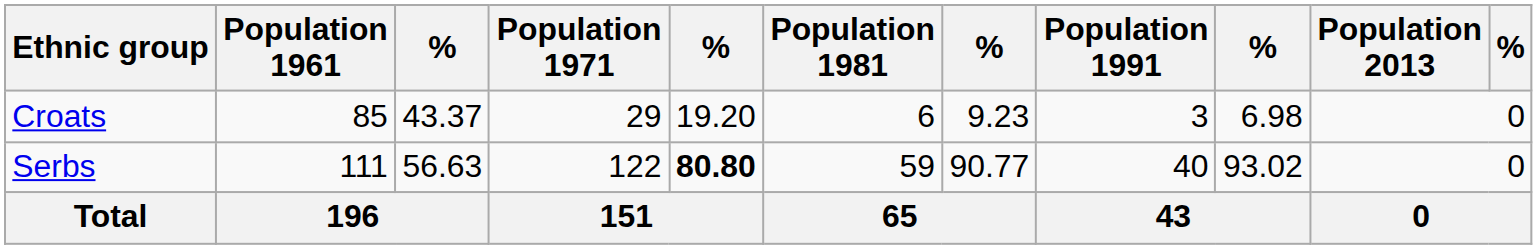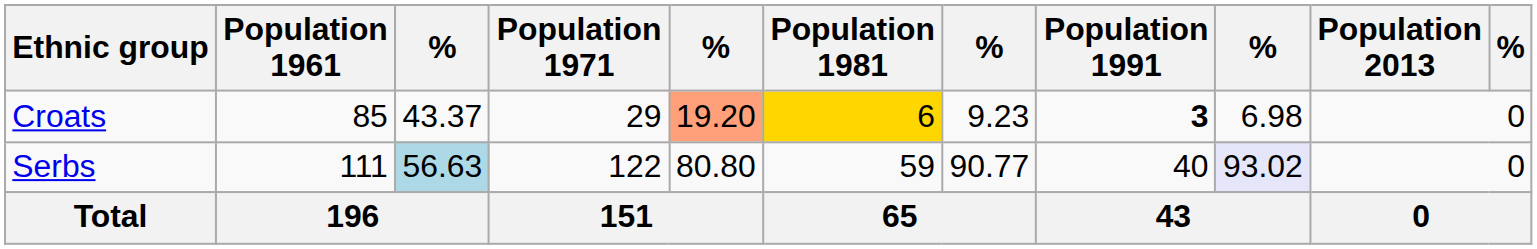 <table class="wikitable sortable">
 <tr>
 <th>Ethnic group</th>
 <th>Population<br>1961</th>
 <th>%</th>
 <th>Population<br>1971</th>
 <th>%</th>
 <th>Population<br>1981</th>
 <th>%</th>
 <th>Population<br>1991</th>
 <th>%</th>
 <th>Population<br>2013</th>
 <th>%</th>
 </tr>
 <tr>
 <td><a href='#'>Croats</a></td>
 <td align="right">85</td>
 <td align="right">43.37</td>
 <td align="right">29</td>
-<td align="right">19.20</td>
-<td align="right">6</td>
+<td align="right" style="background: lightsalmon;">19.20</td>
+<td align="right" style="background: gold;">6</td>
 <td align="right">9.23</td>
-<td align="right">3</td>
+<td align="right"><strong>3</strong></td>
 <td align="right">6.98</td>
 <td align="right" colspan=2>0</td>
 </tr>
 <tr>
 <td><a href='#'>Serbs</a></td>
 <td align="right">111</td>
-<td align="right">56.63</td>
+<td align="right" style="background: lightblue;">56.63</td>
 <td align="right">122</td>
-<td align="right"><strong>80.80</strong></td>
+<td align="right">80.80</td>
 <td align="right">59</td>
 <td align="right">90.77</td>
 <td align="right">40</td>
-<td align="right">93.02</td>
+<td align="right" style="background: lavender;">93.02</td>
 <td align="right" colspan=2>0</td>
 </tr>
 <tr>
 <th><strong>Total</strong></th>
 <th align="right" colspan=2>196</th>
 <th align="right" colspan=2>151</th>
 <th align="right" colspan=2>65</th>
 <th align="right" colspan=2>43</th>
 <th align="right" colspan=2>0</th>
 </tr>
 </table>
